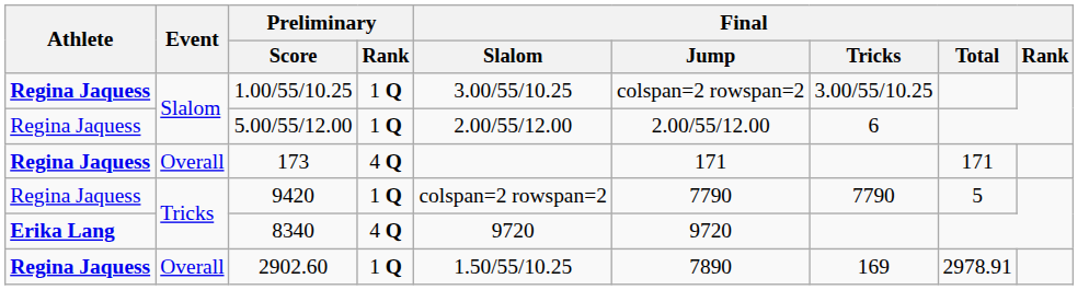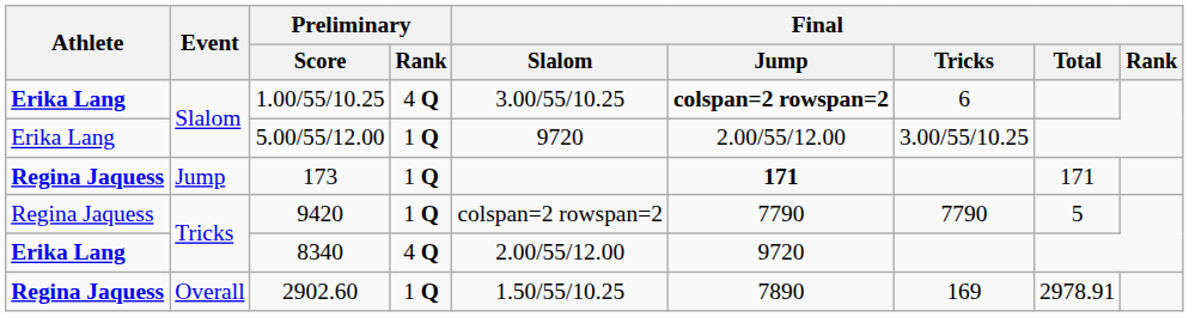 <table class=wikitable style=font-size:90%;text-align:center>
 <tr>
 <th rowspan=2>Athlete</th>
 <th rowspan=2>Event</th>
 <th colspan=2>Preliminary</th>
 <th colspan=5>Final</th>
 </tr>
 <tr style=font-size:95%>
 <th>Score</th>
 <th>Rank</th>
 <th>Slalom</th>
 <th>Jump</th>
 <th>Tricks</th>
 <th>Total</th>
 <th>Rank</th>
 </tr>
 <tr>
-<td align=left><strong><a href='#'>Regina Jaquess</a></strong></td>
+<td align=left><strong><a href='#'>Erika Lang</a></strong></td>
 <td align=left rowspan=2><a href='#'>Slalom</a></td>
 <td>1.00/55/10.25</td>
-<td>1 <strong>Q</strong></td>
+<td>4 <strong>Q</strong></td>
 <td>3.00/55/10.25</td>
-<td>colspan=2 rowspan=2 </td>
-<td>3.00/55/10.25</td>
+<td><strong>colspan=2 rowspan=2 </strong></td>
+<td>6</td>
 <td></td>
 </tr>
 <tr>
-<td align=left><a href='#'>Regina Jaquess</a></td>
+<td align=left><a href='#'>Erika Lang</a></td>
 <td>5.00/55/12.00</td>
 <td>1 <strong>Q</strong></td>
+<td>9720</td>
 <td>2.00/55/12.00</td>
-<td>2.00/55/12.00</td>
-<td>6</td>
+<td>3.00/55/10.25</td>
 </tr>
 <tr>
 <td align=left><strong><a href='#'>Regina Jaquess</a></strong></td>
-<td align=left><a href='#'>Overall</a></td>
+<td align=left><a href='#'>Jump</a></td>
 <td>173</td>
-<td>4 <strong>Q</strong></td>
+<td>1 <strong>Q</strong></td>
 <td></td>
-<td>171</td>
+<td><strong>171</strong></td>
 <td></td>
 <td>171</td>
 <td></td>
 </tr>
 <tr>
 <td align=left><a href='#'>Regina Jaquess</a></td>
 <td align=left rowspan=2><a href='#'>Tricks</a></td>
 <td>9420</td>
 <td>1 <strong>Q</strong></td>
 <td>colspan=2 rowspan=2 </td>
 <td>7790</td>
 <td>7790</td>
 <td>5</td>
 </tr>
 <tr>
 <td align=left><strong><a href='#'>Erika Lang</a></strong></td>
 <td>8340</td>
 <td>4 <strong>Q</strong></td>
-<td>9720</td>
+<td>2.00/55/12.00</td>
 <td>9720</td>
 <td></td>
 </tr>
 <tr>
 <td align=left><strong><a href='#'>Regina Jaquess</a></strong></td>
 <td align=left><a href='#'>Overall</a></td>
 <td>2902.60</td>
 <td>1 <strong>Q</strong></td>
 <td>1.50/55/10.25</td>
 <td>7890</td>
 <td>169</td>
 <td>2978.91</td>
 <td></td>
 </tr>
 </table>
